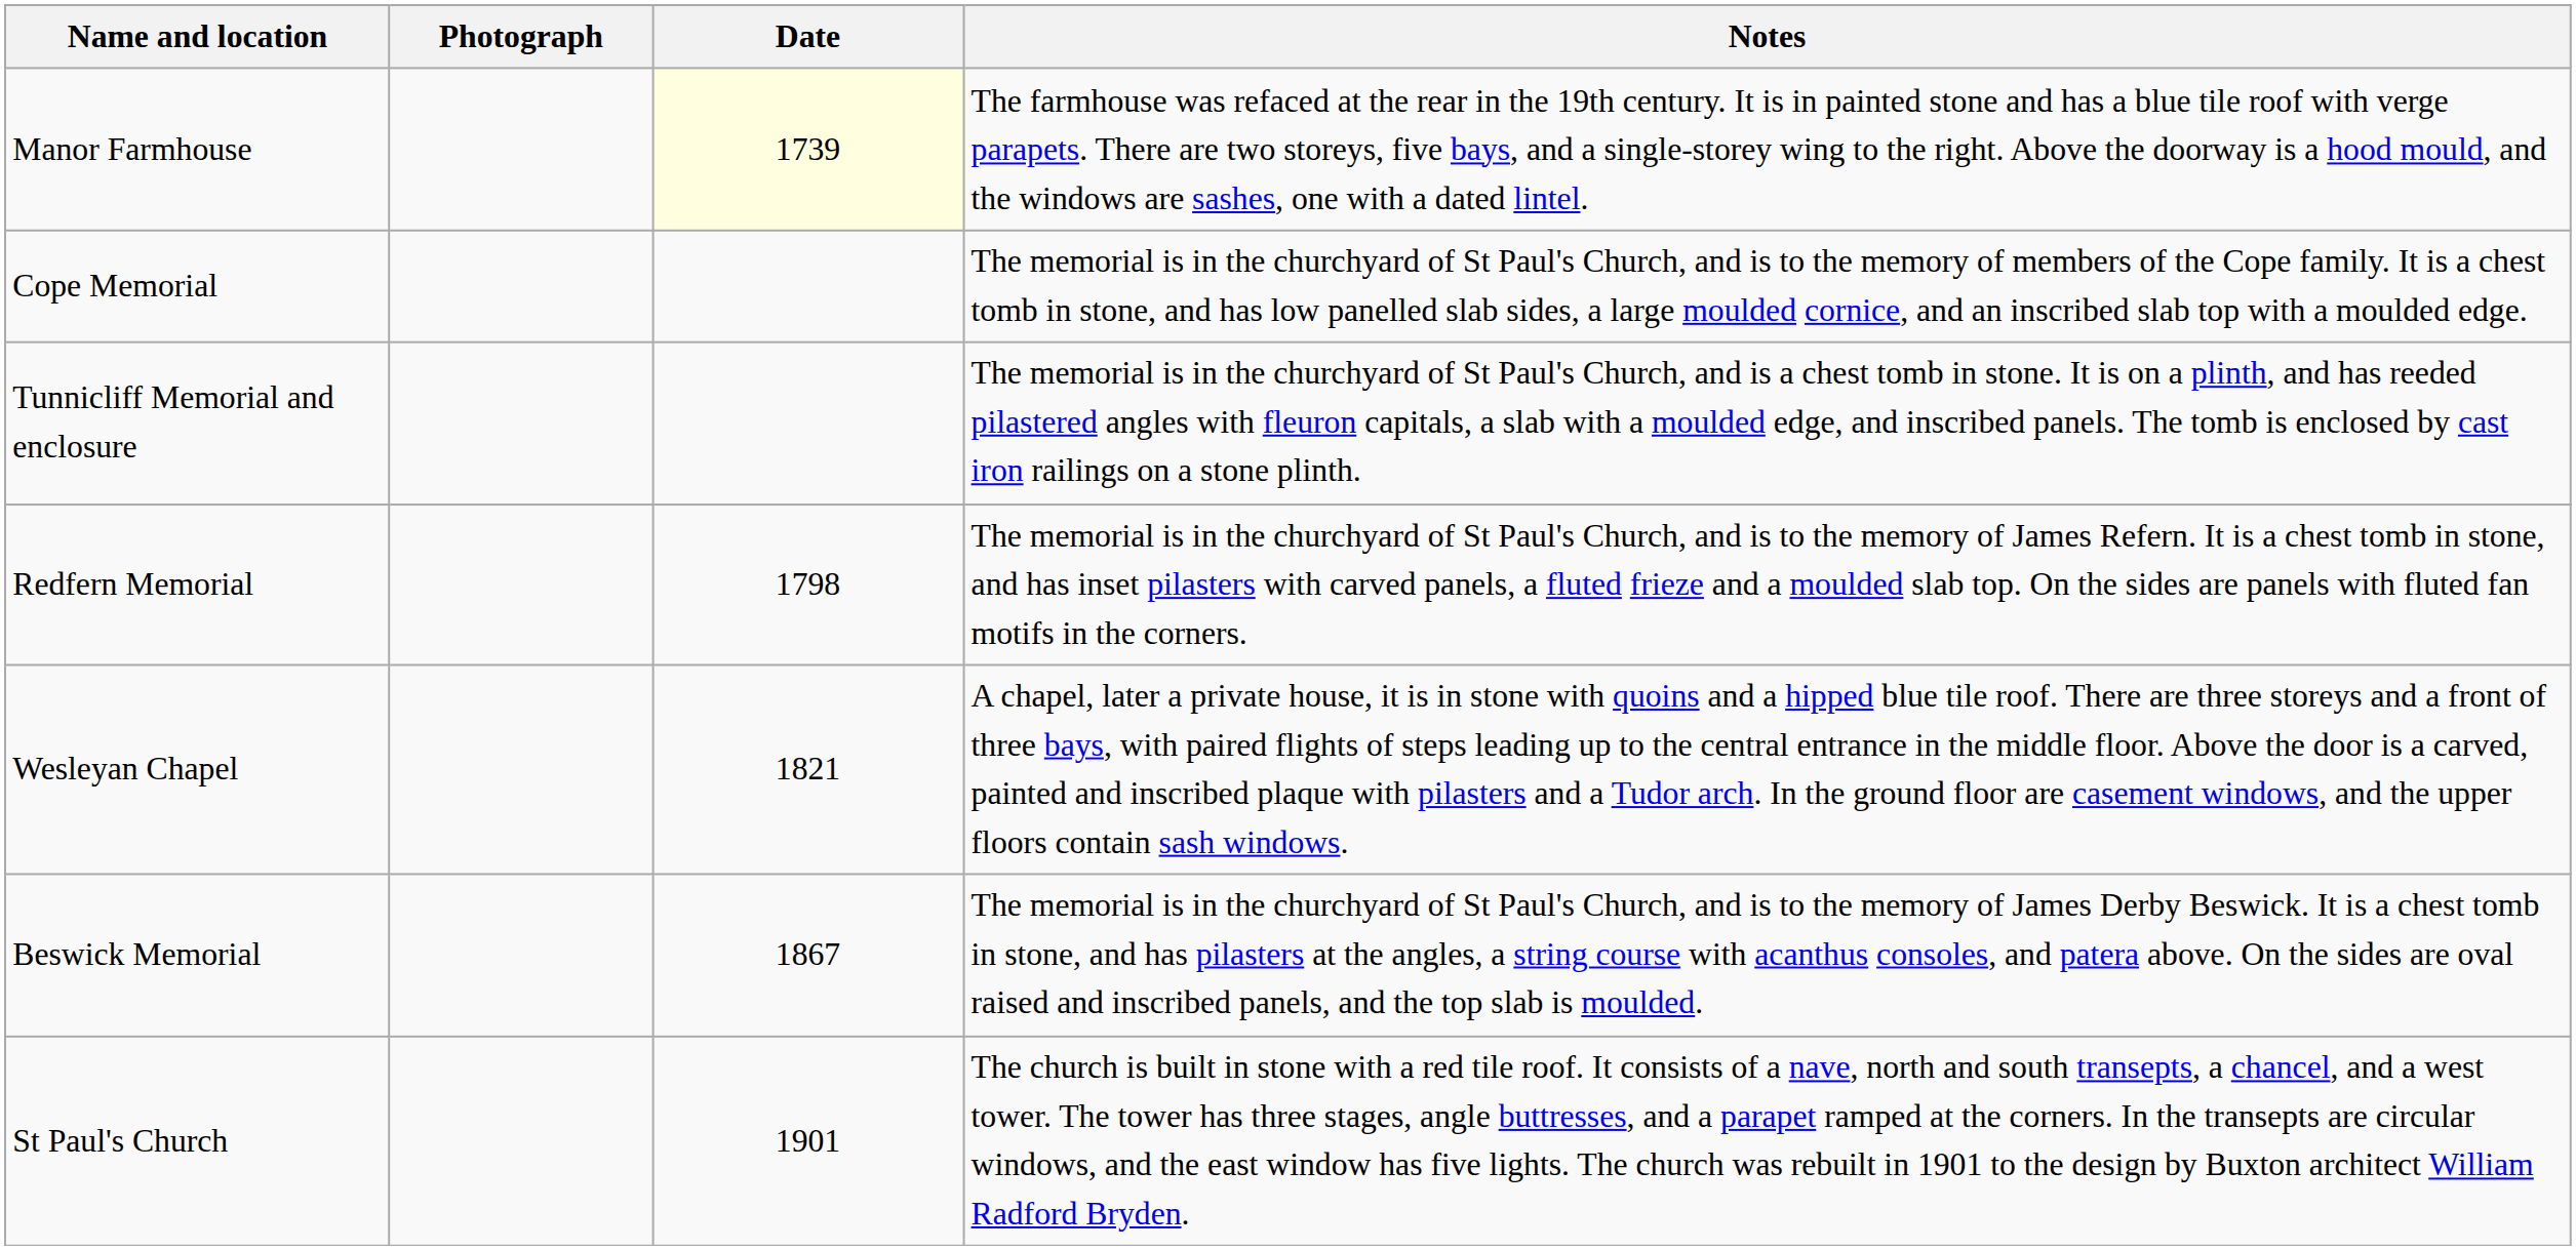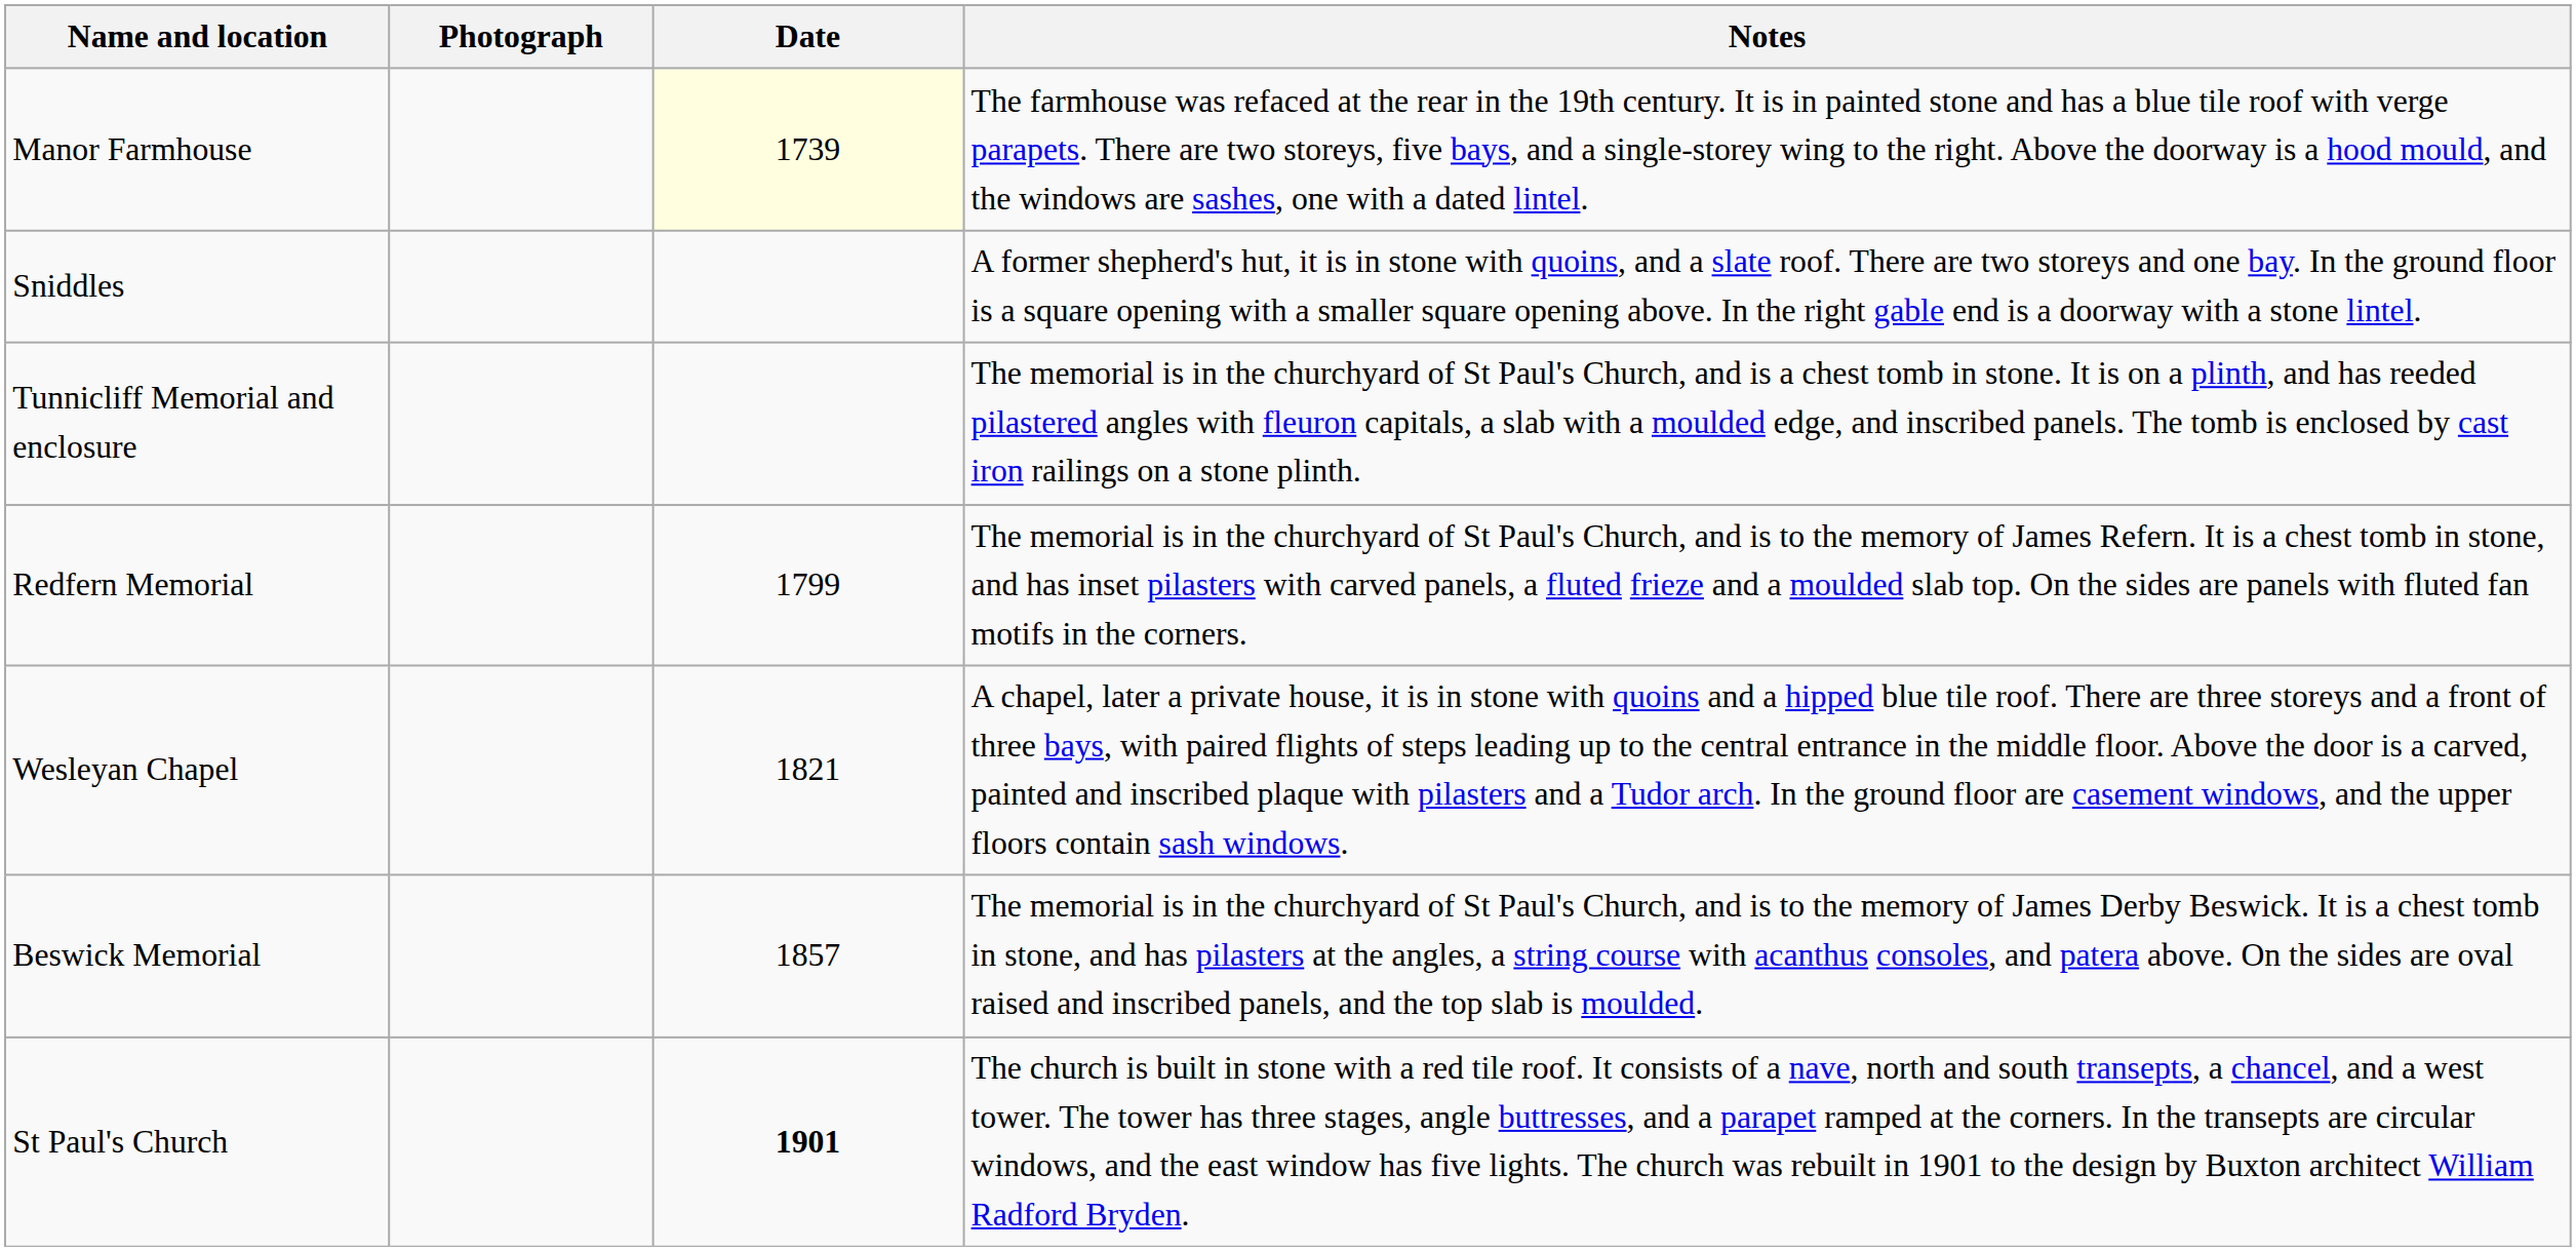 <table class="wikitable sortable plainrowheaders" style="width:100%;border:0px;text-align:left;line-height:150%;">
 <tr>
 <th scope="col"  style="width:150px">Name and location</th>
 <th scope="col"  style="width:100px" class="unsortable">Photograph</th>
 <th scope="col"  style="width:120px">Date</th>
 <th scope="col"  style="width:650px" class="unsortable">Notes</th>
 </tr>
 <tr>
 <td>Manor Farmhouse<br><small></small></td>
 <td></td>
 <td align="center" style="background: lightyellow;">1739</td>
 <td>The farmhouse was refaced at the rear in the 19th century.  It is in painted stone and has a blue tile roof with verge <a href='#'>parapets</a>.  There are two storeys, five <a href='#'>bays</a>, and a single-storey wing to the right.  Above the doorway is a <a href='#'>hood mould</a>, and the windows are <a href='#'>sashes</a>, one with a dated <a href='#'>lintel</a>.</td>
 </tr>
 <tr>
-<td>Cope Memorial<br><small></small></td>
+<td>Sniddles<br><small></small></td>
 <td></td>
 <td align="center"></td>
-<td>The memorial is in the churchyard of St Paul's Church, and is to the memory of members of the Cope family.  It is a chest tomb in stone, and has low panelled slab sides, a large <a href='#'>moulded</a> <a href='#'>cornice</a>, and an inscribed slab top with a moulded edge.</td>
+<td>A former shepherd's hut, it is in stone with <a href='#'>quoins</a>, and a <a href='#'>slate</a> roof.  There are two storeys and one <a href='#'>bay</a>.  In the ground floor is a square opening with a smaller square opening above.  In the right <a href='#'>gable</a> end is a doorway with a stone <a href='#'>lintel</a>.</td>
 </tr>
 <tr>
 <td>Tunnicliff Memorial and enclosure<br><small></small></td>
 <td></td>
 <td align="center"></td>
 <td>The memorial is in the churchyard of St Paul's Church, and is a chest tomb in stone.  It is on a <a href='#'>plinth</a>, and has reeded <a href='#'>pilastered</a> angles with <a href='#'>fleuron</a> capitals, a slab with a <a href='#'>moulded</a> edge, and inscribed panels.  The tomb is enclosed by <a href='#'>cast iron</a> railings on a stone plinth.</td>
 </tr>
 <tr>
 <td>Redfern Memorial<br><small></small></td>
 <td></td>
-<td align="center">1798</td>
+<td align="center">1799</td>
 <td>The memorial is in the churchyard of St Paul's Church, and is to the memory of James Refern.  It is a chest tomb in stone, and has inset <a href='#'>pilasters</a> with carved panels, a <a href='#'>fluted</a> <a href='#'>frieze</a> and a <a href='#'>moulded</a> slab top.  On the sides are panels with fluted fan motifs in the corners.</td>
 </tr>
 <tr>
 <td>Wesleyan Chapel<br><small></small></td>
 <td></td>
 <td align="center">1821</td>
 <td>A chapel, later a private house, it is in stone with <a href='#'>quoins</a> and a <a href='#'>hipped</a> blue tile roof.  There are three storeys and a front of three <a href='#'>bays</a>, with paired flights of steps leading up to the central entrance in the middle floor.  Above the door is a carved, painted and inscribed plaque with <a href='#'>pilasters</a> and a <a href='#'>Tudor arch</a>.  In the ground floor are <a href='#'>casement windows</a>, and the upper floors contain <a href='#'>sash windows</a>.</td>
 </tr>
 <tr>
 <td>Beswick Memorial<br><small></small></td>
 <td></td>
-<td align="center">1867</td>
+<td align="center">1857</td>
 <td>The memorial is in the churchyard of St Paul's Church, and is to the memory of James Derby Beswick.  It is a chest tomb in stone, and has <a href='#'>pilasters</a> at the angles, a <a href='#'>string course</a> with <a href='#'>acanthus</a> <a href='#'>consoles</a>, and <a href='#'>patera</a> above.  On the sides are oval raised and inscribed panels, and the top slab is <a href='#'>moulded</a>.</td>
 </tr>
 <tr>
 <td>St Paul's Church<br><small></small></td>
 <td></td>
-<td align="center">1901</td>
+<td align="center"><strong>1901</strong></td>
 <td>The church is built in stone with a red tile roof.  It consists of a <a href='#'>nave</a>, north and south <a href='#'>transepts</a>, a <a href='#'>chancel</a>, and a west tower.  The tower has three stages, angle <a href='#'>buttresses</a>, and a <a href='#'>parapet</a> ramped at the corners.  In the transepts are circular windows, and the east window has five lights.  The church was rebuilt in 1901 to the design by Buxton architect <a href='#'>William Radford Bryden</a>.</td>
 </tr>
 <tr>
 </tr>
 </table>
